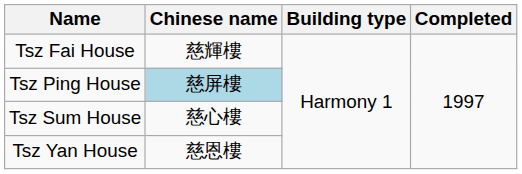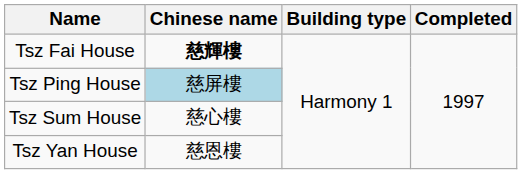 <table class="wikitable" style="text-align: center">
 <tr>
 <th>Name</th>
 <th>Chinese name</th>
 <th>Building type</th>
 <th>Completed</th>
 </tr>
 <tr>
 <td>Tsz Fai House</td>
-<td>慈輝樓</td>
+<td><strong>慈輝樓</strong></td>
 <td rowspan="4">Harmony 1</td>
 <td rowspan="4">1997</td>
 </tr>
 <tr>
 <td>Tsz Ping House</td>
 <td style="background: lightblue;">慈屏樓</td>
 </tr>
 <tr>
 <td>Tsz Sum House</td>
 <td>慈心樓</td>
 </tr>
 <tr>
 <td>Tsz Yan House</td>
 <td>慈恩樓</td>
 </tr>
 </table>
